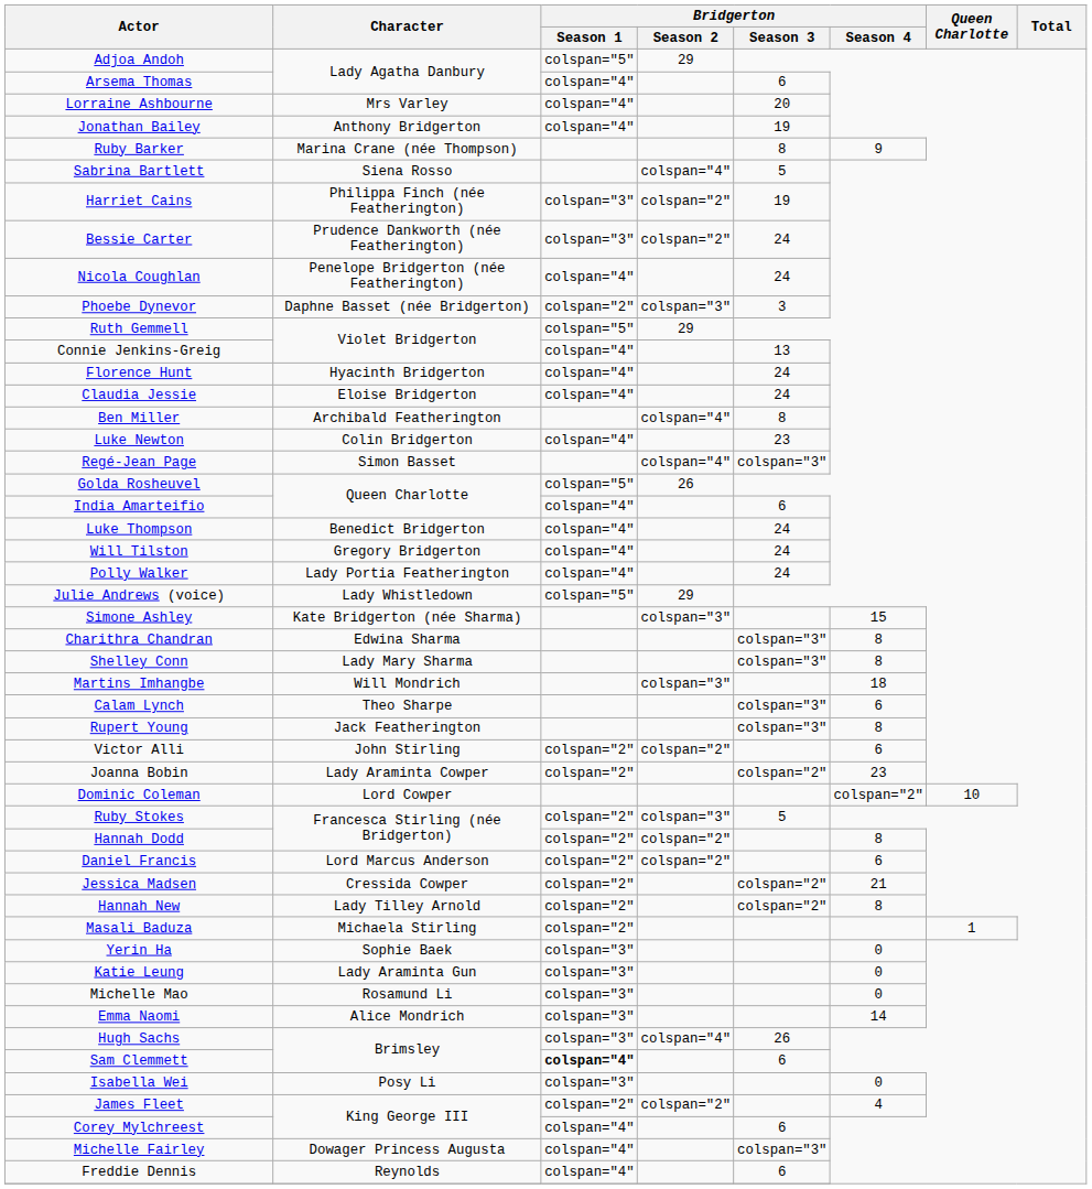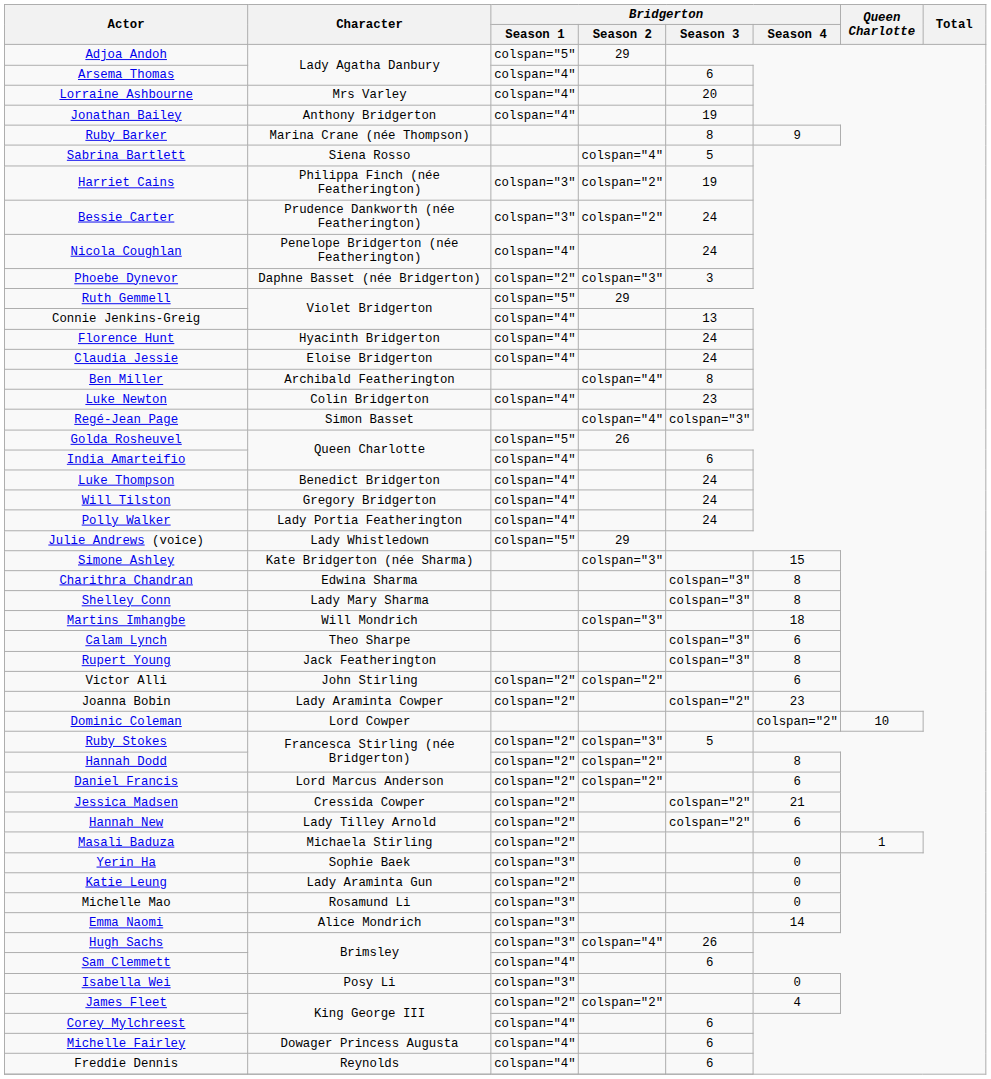 <table class="wikitable" style="text-align:center;">
 <tr>
 <th rowspan="2" style="width:250px;">Actor</th>
 <th rowspan="2" style="width:250px;">Character</th>
 <th colspan="4"><em>Bridgerton</em></th>
 <th rowspan="2" style="width:80px;"><em>Queen Charlotte</em></th>
 <th rowspan="2" style="width:60px;">Total</th>
 </tr>
 <tr>
 <th style="width:80px;">Season 1</th>
 <th style="width:80px;">Season 2</th>
 <th style="width:80px;">Season 3</th>
 <th style="width:80px;">Season 4</th>
 </tr>
 <tr>
 <td><a href='#'>Adjoa Andoh</a></td>
 <td rowspan="2">Lady Agatha Danbury</td>
 <td>colspan="5" </td>
 <td>29</td>
 </tr>
 <tr>
 <td><a href='#'>Arsema Thomas</a></td>
 <td>colspan="4" </td>
 <td></td>
 <td>6</td>
 </tr>
 <tr>
 <td><a href='#'>Lorraine Ashbourne</a></td>
 <td>Mrs Varley</td>
 <td>colspan="4" </td>
 <td></td>
 <td>20</td>
 </tr>
 <tr>
 <td><a href='#'>Jonathan Bailey</a></td>
 <td>Anthony Bridgerton</td>
 <td>colspan="4" </td>
 <td></td>
 <td>19</td>
 </tr>
 <tr>
 <td><a href='#'>Ruby Barker</a></td>
 <td>Marina Crane (née Thompson)</td>
 <td></td>
 <td></td>
 <td>8</td>
 <td>9</td>
 </tr>
 <tr>
 <td><a href='#'>Sabrina Bartlett</a></td>
 <td>Siena Rosso</td>
 <td></td>
 <td>colspan="4" </td>
 <td>5</td>
 </tr>
 <tr>
 <td><a href='#'>Harriet Cains</a></td>
 <td>Philippa Finch (née Featherington)</td>
 <td>colspan="3" </td>
 <td>colspan="2" </td>
 <td>19</td>
 </tr>
 <tr>
 <td><a href='#'>Bessie Carter</a></td>
 <td>Prudence Dankworth (née Featherington)</td>
 <td>colspan="3" </td>
 <td>colspan="2" </td>
 <td>24</td>
 </tr>
 <tr>
 <td><a href='#'>Nicola Coughlan</a></td>
 <td>Penelope Bridgerton (née Featherington)</td>
 <td>colspan="4" </td>
 <td></td>
 <td>24</td>
 </tr>
 <tr>
 <td><a href='#'>Phoebe Dynevor</a></td>
 <td>Daphne Basset (née Bridgerton)</td>
 <td>colspan="2" </td>
 <td>colspan="3" </td>
 <td>3</td>
 </tr>
 <tr>
 <td><a href='#'>Ruth Gemmell</a></td>
 <td rowspan="2">Violet Bridgerton</td>
 <td>colspan="5" </td>
 <td>29</td>
 </tr>
 <tr>
 <td>Connie Jenkins-Greig</td>
 <td>colspan="4" </td>
 <td></td>
 <td>13</td>
 </tr>
 <tr>
 <td><a href='#'>Florence Hunt</a></td>
 <td>Hyacinth Bridgerton</td>
 <td>colspan="4" </td>
 <td></td>
 <td>24</td>
 </tr>
 <tr>
 <td><a href='#'>Claudia Jessie</a></td>
 <td>Eloise Bridgerton</td>
 <td>colspan="4" </td>
 <td></td>
 <td>24</td>
 </tr>
 <tr>
 <td><a href='#'>Ben Miller</a></td>
 <td>Archibald Featherington</td>
 <td></td>
 <td>colspan="4" </td>
 <td>8</td>
 </tr>
 <tr>
 <td><a href='#'>Luke Newton</a></td>
 <td>Colin Bridgerton</td>
 <td>colspan="4" </td>
 <td></td>
 <td>23</td>
 </tr>
 <tr>
 <td><a href='#'>Regé-Jean Page</a></td>
 <td>Simon Basset</td>
 <td></td>
 <td>colspan="4" </td>
 <td>colspan="3" </td>
 </tr>
 <tr>
 <td><a href='#'>Golda Rosheuvel</a></td>
 <td rowspan="2">Queen Charlotte</td>
 <td>colspan="5" </td>
 <td>26</td>
 </tr>
 <tr>
 <td><a href='#'>India Amarteifio</a></td>
 <td>colspan="4" </td>
 <td></td>
 <td>6</td>
 </tr>
 <tr>
 <td><a href='#'>Luke Thompson</a></td>
 <td>Benedict Bridgerton</td>
 <td>colspan="4" </td>
 <td></td>
 <td>24</td>
 </tr>
 <tr>
 <td><a href='#'>Will Tilston</a></td>
 <td>Gregory Bridgerton</td>
 <td>colspan="4" </td>
 <td></td>
 <td>24</td>
 </tr>
 <tr>
 <td><a href='#'>Polly Walker</a></td>
 <td>Lady Portia Featherington</td>
 <td>colspan="4" </td>
 <td></td>
 <td>24</td>
 </tr>
 <tr>
 <td><a href='#'>Julie Andrews</a> (voice)</td>
 <td>Lady Whistledown</td>
 <td>colspan="5" </td>
 <td>29</td>
 </tr>
 <tr>
 <td><a href='#'>Simone Ashley</a></td>
 <td>Kate Bridgerton (née Sharma)</td>
 <td></td>
 <td>colspan="3" </td>
 <td></td>
 <td>15</td>
 </tr>
 <tr>
 <td><a href='#'>Charithra Chandran</a></td>
 <td>Edwina Sharma</td>
 <td></td>
 <td></td>
 <td>colspan="3" </td>
 <td>8</td>
 </tr>
 <tr>
 <td><a href='#'>Shelley Conn</a></td>
 <td>Lady Mary Sharma</td>
 <td></td>
 <td></td>
 <td>colspan="3" </td>
 <td>8</td>
 </tr>
 <tr>
 <td><a href='#'>Martins Imhangbe</a></td>
 <td>Will Mondrich</td>
 <td></td>
 <td>colspan="3" </td>
 <td></td>
 <td>18</td>
 </tr>
 <tr>
 <td><a href='#'>Calam Lynch</a></td>
 <td>Theo Sharpe</td>
 <td></td>
 <td></td>
 <td>colspan="3" </td>
 <td>6</td>
 </tr>
 <tr>
 <td><a href='#'>Rupert Young</a></td>
 <td>Jack Featherington</td>
 <td></td>
 <td></td>
 <td>colspan="3" </td>
 <td>8</td>
 </tr>
 <tr>
 <td>Victor Alli</td>
 <td>John Stirling</td>
 <td>colspan="2" </td>
 <td>colspan="2" </td>
 <td></td>
 <td>6</td>
 </tr>
 <tr>
 <td>Joanna Bobin</td>
 <td>Lady Araminta Cowper</td>
 <td>colspan="2" </td>
 <td></td>
 <td>colspan="2" </td>
 <td>23</td>
 </tr>
 <tr>
 <td><a href='#'>Dominic Coleman</a></td>
 <td>Lord Cowper</td>
 <td></td>
 <td></td>
 <td></td>
 <td>colspan="2" </td>
 <td>10</td>
 </tr>
 <tr>
 <td><a href='#'>Ruby Stokes</a></td>
 <td rowspan="2">Francesca Stirling (née Bridgerton)</td>
 <td>colspan="2" </td>
 <td>colspan="3" </td>
 <td>5</td>
 </tr>
 <tr>
 <td><a href='#'>Hannah Dodd</a></td>
 <td>colspan="2" </td>
 <td>colspan="2" </td>
 <td></td>
 <td>8</td>
 </tr>
 <tr>
 <td><a href='#'>Daniel Francis</a></td>
 <td>Lord Marcus Anderson</td>
 <td>colspan="2" </td>
 <td>colspan="2" </td>
 <td></td>
 <td>6</td>
 </tr>
 <tr>
 <td><a href='#'>Jessica Madsen</a></td>
 <td>Cressida Cowper</td>
 <td>colspan="2" </td>
 <td></td>
 <td>colspan="2" </td>
 <td>21</td>
 </tr>
 <tr>
 <td><a href='#'>Hannah New</a></td>
 <td>Lady Tilley Arnold</td>
 <td>colspan="2" </td>
 <td></td>
 <td>colspan="2" </td>
-<td>8</td>
+<td>6</td>
 </tr>
 <tr>
 <td><a href='#'>Masali Baduza</a></td>
 <td>Michaela Stirling</td>
 <td>colspan="2" </td>
 <td></td>
 <td></td>
 <td></td>
 <td>1</td>
 </tr>
 <tr>
 <td><a href='#'>Yerin Ha</a></td>
 <td>Sophie Baek</td>
 <td>colspan="3" </td>
 <td></td>
 <td></td>
 <td>0</td>
 </tr>
 <tr>
 <td><a href='#'>Katie Leung</a></td>
 <td>Lady Araminta Gun</td>
-<td>colspan="3" </td>
+<td>colspan="2" </td>
 <td></td>
 <td></td>
 <td>0</td>
 </tr>
 <tr>
 <td>Michelle Mao</td>
 <td>Rosamund Li</td>
 <td>colspan="3" </td>
 <td></td>
 <td></td>
 <td>0</td>
 </tr>
 <tr>
 <td><a href='#'>Emma Naomi</a></td>
 <td>Alice Mondrich</td>
 <td>colspan="3" </td>
 <td></td>
 <td></td>
 <td>14</td>
 </tr>
 <tr>
 <td><a href='#'>Hugh Sachs</a></td>
 <td rowspan="2">Brimsley</td>
 <td>colspan="3" </td>
 <td>colspan="4" </td>
 <td>26</td>
 </tr>
 <tr>
 <td><a href='#'>Sam Clemmett</a></td>
-<td><strong>colspan="4" </strong></td>
+<td>colspan="4" </td>
 <td></td>
 <td>6</td>
 </tr>
 <tr>
 <td><a href='#'>Isabella Wei</a></td>
 <td>Posy Li</td>
 <td>colspan="3" </td>
 <td></td>
 <td></td>
 <td>0</td>
 </tr>
 <tr>
 <td><a href='#'>James Fleet</a></td>
 <td rowspan="2">King George III</td>
 <td>colspan="2" </td>
 <td>colspan="2" </td>
 <td></td>
 <td>4</td>
 </tr>
 <tr>
 <td><a href='#'>Corey Mylchreest</a></td>
 <td>colspan="4" </td>
 <td></td>
 <td>6</td>
 </tr>
 <tr>
 <td><a href='#'>Michelle Fairley</a></td>
 <td>Dowager Princess Augusta</td>
 <td>colspan="4" </td>
 <td></td>
-<td>colspan="3" </td>
+<td>6</td>
 </tr>
 <tr>
 <td>Freddie Dennis</td>
 <td>Reynolds</td>
 <td>colspan="4" </td>
 <td></td>
 <td>6</td>
 </tr>
 <tr>
 </tr>
 </table>
